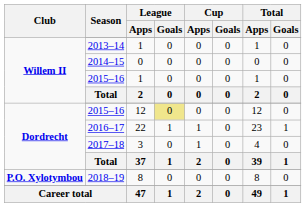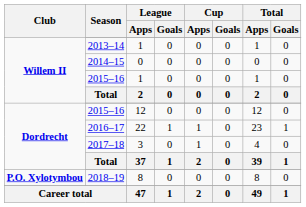 <table class="wikitable" style="text-align:center;">
 <tr>
 <th rowspan="2">Club</th>
 <th rowspan="2">Season</th>
 <th colspan="2">League</th>
 <th colspan="2">Cup</th>
 <th colspan="2">Total</th>
 </tr>
 <tr>
 <th>Apps</th>
 <th>Goals</th>
 <th>Apps</th>
 <th>Goals</th>
 <th>Apps</th>
 <th>Goals</th>
 </tr>
 <tr ||-||-||-|->
 <td rowspan="5" valign="center"><strong><a href='#'>Willem II</a></strong></td>
 </tr>
 <tr>
 <td><a href='#'>2013–14</a></td>
 <td>1</td>
 <td>0</td>
 <td>0</td>
 <td>0</td>
 <td>1</td>
 <td>0</td>
 </tr>
 <tr>
 <td><a href='#'>2014–15</a></td>
 <td>0</td>
 <td>0</td>
 <td>0</td>
 <td>0</td>
 <td>0</td>
 <td>0</td>
 </tr>
 <tr>
 <td><a href='#'>2015–16</a></td>
 <td>1</td>
 <td>0</td>
 <td>0</td>
 <td>0</td>
 <td>1</td>
 <td>0</td>
 </tr>
 <tr>
 <th>Total</th>
 <th>2</th>
 <th>0</th>
 <th>0</th>
 <th>0</th>
 <th>2</th>
 <th>0</th>
 </tr>
 <tr>
 <td rowspan="5" valign="center"><strong><a href='#'>Dordrecht</a></strong></td>
 </tr>
 <tr>
 <td><a href='#'>2015–16</a></td>
 <td>12</td>
-<td style="background: khaki;">0</td>
+<td>0</td>
 <td>0</td>
 <td>0</td>
 <td>12</td>
 <td>0</td>
 </tr>
 <tr>
 <td><a href='#'>2016–17</a></td>
 <td>22</td>
 <td>1</td>
 <td>1</td>
 <td>0</td>
 <td>23</td>
 <td>1</td>
 </tr>
 <tr>
 <td><a href='#'>2017–18</a></td>
 <td>3</td>
 <td>0</td>
 <td>1</td>
 <td>0</td>
 <td>4</td>
 <td>0</td>
 </tr>
 <tr>
 <th>Total</th>
 <th>37</th>
 <th>1</th>
 <th>2</th>
 <th>0</th>
 <th>39</th>
 <th>1</th>
 </tr>
 <tr>
 <td rowspan="2" valign="center"><strong><a href='#'>P.O. Xylotymbou</a></strong></td>
 </tr>
 <tr>
 <td><a href='#'>2018–19</a></td>
 <td>8</td>
 <td>0</td>
 <td>0</td>
 <td>0</td>
 <td>8</td>
 <td>0</td>
 </tr>
 <tr>
 </tr>
 <tr>
 <th colspan=2>Career total</th>
 <th>47</th>
 <th>1</th>
 <th>2</th>
 <th>0</th>
 <th>49</th>
 <th>1</th>
 </tr>
 </table>
